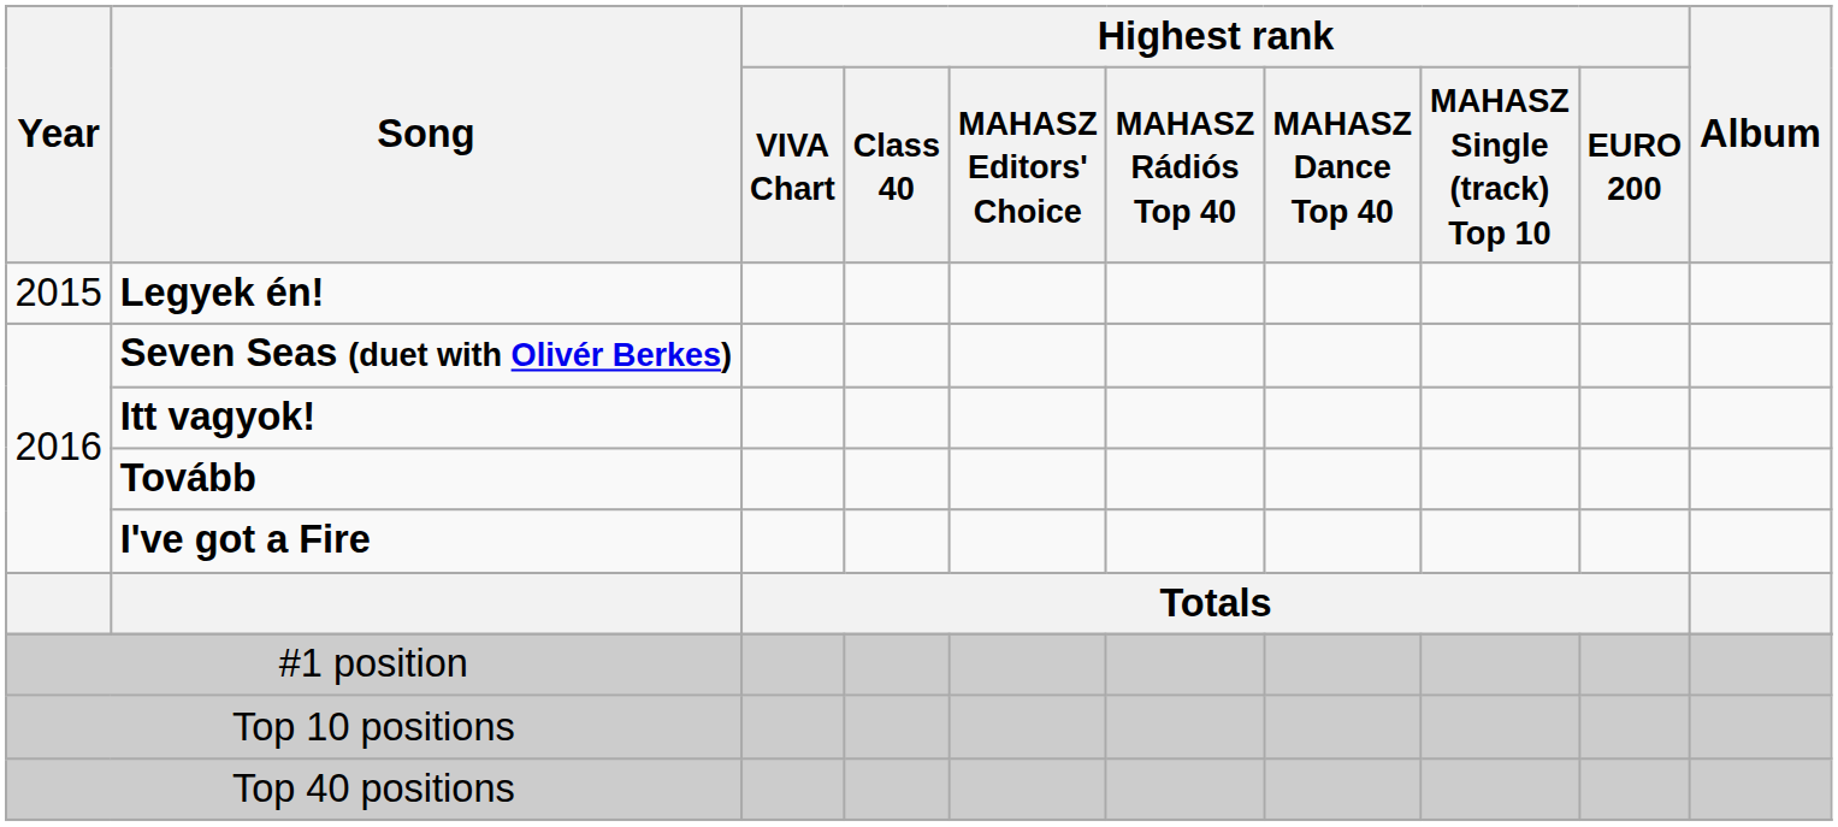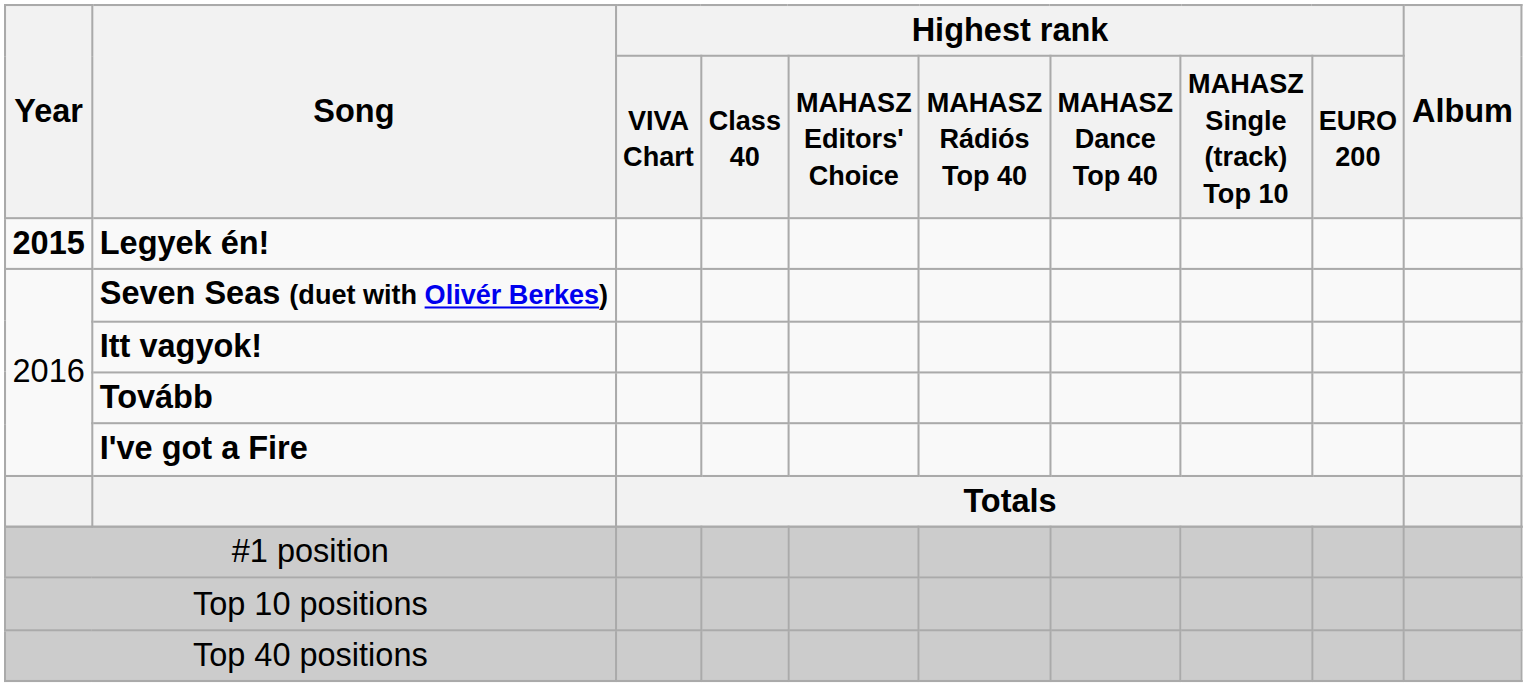 <table class="wikitable">
 <tr>
 <th rowspan="2">Year</th>
 <th rowspan="2">Song</th>
 <th colspan="7">Highest rank</th>
 <th rowspan="2">Album</th>
 </tr>
 <tr>
 <th width="30"><small> VIVA Chart </small></th>
 <th width="30"><small> Class 40 </small></th>
 <th width="30"><small> MAHASZ Editors' Choice </small></th>
 <th width="30"><small> MAHASZ Rádiós Top 40 </small></th>
 <th width="30"><small> MAHASZ Dance Top 40 </small></th>
 <th width="30"><small> MAHASZ Single (track) Top 10 </small></th>
 <th width="30"><small> EURO 200 </small></th>
 </tr>
 <tr>
-<td rowspan="1">2015</td>
+<td rowspan="1"><strong>2015</strong></td>
 <td><strong>Legyek én!</strong></td>
 <td align="center"></td>
 <td align="center"></td>
 <td align="center"></td>
 <td align="center"></td>
 <td align="center"></td>
 <td align="center"></td>
 <td align="center"></td>
 <td></td>
 </tr>
 <tr>
 <td rowspan="4">2016</td>
 <td><strong>Seven Seas <small>(duet with <a href='#'>Olivér Berkes</a>)</small></strong></td>
 <td align="center"></td>
 <td align="center"></td>
 <td align="center"></td>
 <td align="center"></td>
 <td align="center"></td>
 <td align="center"></td>
 <td align="center"></td>
 <td></td>
 </tr>
 <tr>
 <td><strong>Itt vagyok!</strong></td>
 <td align="center"></td>
 <td align="center"></td>
 <td align="center"></td>
 <td align="center"></td>
 <td align="center"></td>
 <td align="center"></td>
 <td align="center"></td>
 <td></td>
 </tr>
 <tr>
 <td><strong>Tovább</strong></td>
 <td align="center"></td>
 <td align="center"></td>
 <td align="center"></td>
 <td align="center"></td>
 <td align="center"></td>
 <td align="center"></td>
 <td align="center"></td>
 <td></td>
 </tr>
 <tr>
 <td><strong>I've got a Fire</strong></td>
 <td align="center"></td>
 <td align="center"></td>
 <td align="center"></td>
 <td align="center"></td>
 <td align="center"></td>
 <td align="center"></td>
 <td align="center"></td>
 <td></td>
 </tr>
 <tr>
 <th rowspan="1"></th>
 <th rowspan="1"></th>
 <th colspan="7">Totals</th>
 <th rowspan="1"></th>
 </tr>
 <tr>
 </tr>
 <tr bgcolor="#CCCCCC">
 <td align="center" colspan="2">#1 position</td>
 <td align="center"></td>
 <td align="center"></td>
 <td align="center"></td>
 <td align="center"></td>
 <td align="center"></td>
 <td align="center"></td>
 <td align="center"></td>
 <td align="center"></td>
 </tr>
 <tr bgcolor="#CCCCCC">
 <td align="center" colspan="2">Top 10 positions</td>
 <td align="center"></td>
 <td align="center"></td>
 <td align="center"></td>
 <td align="center"></td>
 <td align="center"></td>
 <td align="center"></td>
 <td align="center"></td>
 <td align="center"></td>
 </tr>
 <tr bgcolor="#CCCCCC">
 <td align="center" colspan="2">Top 40 positions</td>
 <td align="center"></td>
 <td align="center"></td>
 <td align="center"></td>
 <td align="center"></td>
 <td align="center"></td>
 <td align="center"></td>
 <td align="center"></td>
 <td align="center"></td>
 </tr>
 <tr>
 </tr>
 </table>
